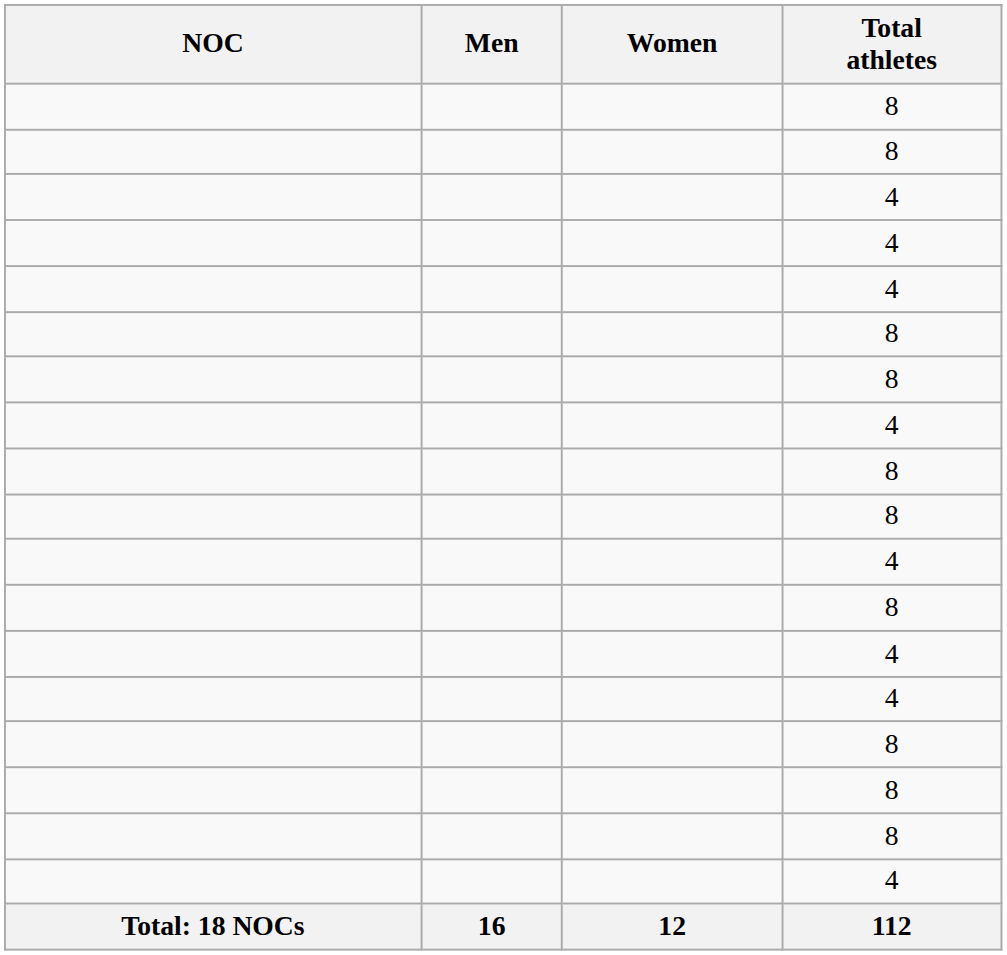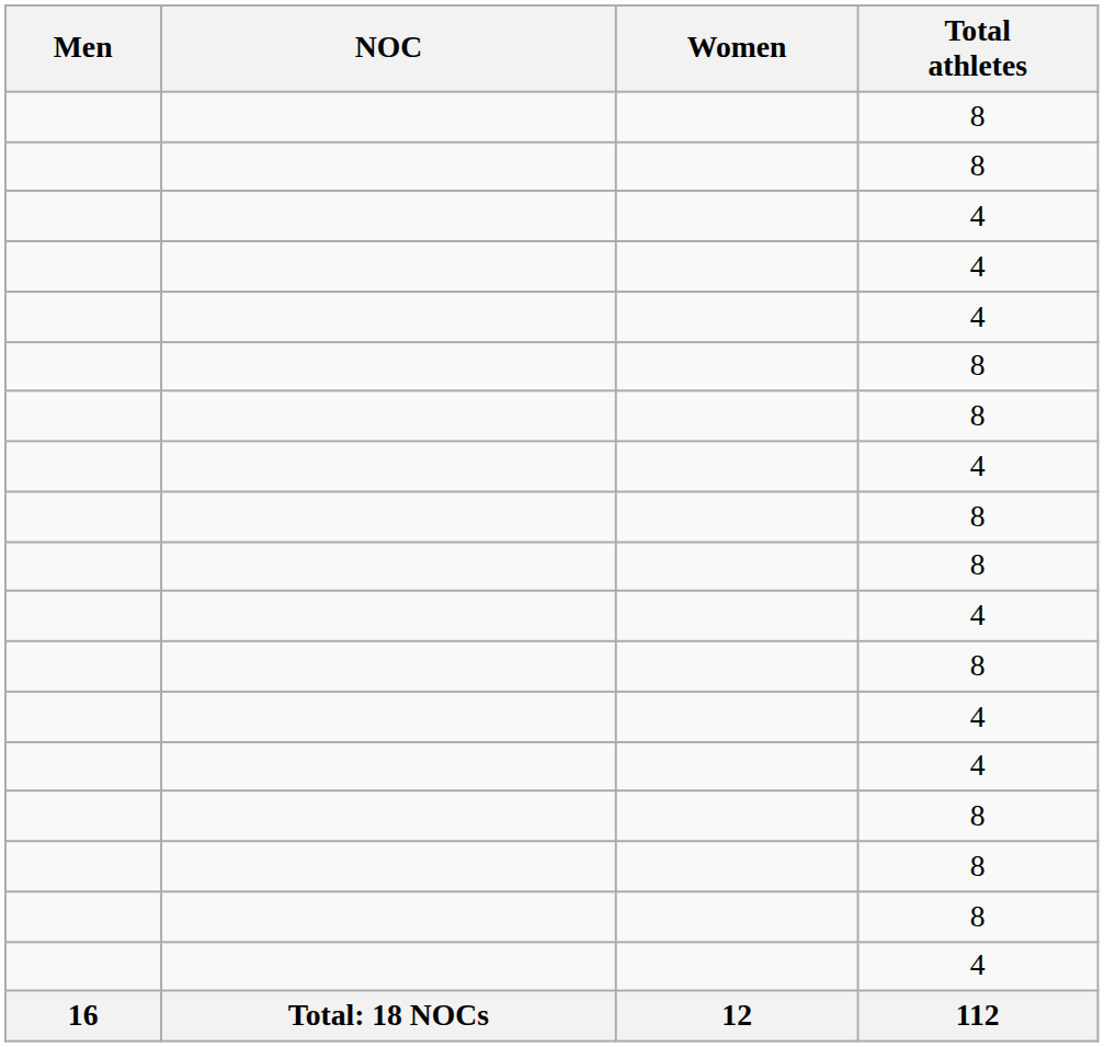 <table class="wikitable sortable" width=520 style="text-align:center; font-size:90%">
 <tr>
+<th>Men</th>
 <th style="text-align:center;">NOC</th>
-<th>Men</th>
 <th>Women</th>
 <th>Total<br>athletes</th>
 </tr>
 <tr>
+<td></td>
 <td style="text-align:left;"></td>
-<td></td>
 <td></td>
 <td>8</td>
 </tr>
 <tr>
+<td></td>
 <td style="text-align:left;"></td>
-<td></td>
 <td></td>
 <td>8</td>
 </tr>
 <tr>
+<td></td>
 <td style="text-align:left;"></td>
-<td></td>
 <td></td>
 <td>4</td>
 </tr>
 <tr>
+<td></td>
 <td style="text-align:left;"></td>
-<td></td>
 <td></td>
 <td>4</td>
 </tr>
 <tr>
+<td></td>
 <td style="text-align:left;"></td>
-<td></td>
 <td></td>
 <td>4</td>
 </tr>
 <tr>
+<td></td>
 <td style="text-align:left;"></td>
-<td></td>
 <td></td>
 <td>8</td>
 </tr>
 <tr>
+<td></td>
 <td style="text-align:left;"></td>
-<td></td>
 <td></td>
 <td>8</td>
 </tr>
 <tr>
+<td></td>
 <td style="text-align:left;"></td>
-<td></td>
 <td></td>
 <td>4</td>
 </tr>
 <tr>
+<td></td>
 <td style="text-align:left;"></td>
-<td></td>
 <td></td>
 <td>8</td>
 </tr>
 <tr>
+<td></td>
 <td style="text-align:left;"></td>
-<td></td>
 <td></td>
 <td>8</td>
 </tr>
 <tr>
+<td></td>
 <td style="text-align:left;"></td>
-<td></td>
 <td></td>
 <td>4</td>
 </tr>
 <tr>
+<td></td>
 <td style="text-align:left;"></td>
-<td></td>
 <td></td>
 <td>8</td>
 </tr>
 <tr>
+<td></td>
 <td style="text-align:left;"></td>
-<td></td>
 <td></td>
 <td>4</td>
 </tr>
 <tr>
+<td></td>
 <td style="text-align:left;"></td>
-<td></td>
 <td></td>
 <td>4</td>
 </tr>
 <tr>
+<td></td>
 <td style="text-align:left;"></td>
-<td></td>
 <td></td>
 <td>8</td>
 </tr>
 <tr>
+<td></td>
 <td style="text-align:left;"></td>
-<td></td>
 <td></td>
 <td>8</td>
 </tr>
 <tr>
+<td></td>
 <td style="text-align:left;"></td>
-<td></td>
 <td></td>
 <td>8</td>
 </tr>
 <tr>
+<td></td>
 <td style="text-align:left;"></td>
-<td></td>
 <td></td>
 <td>4</td>
 </tr>
 <tr>
+<th>16</th>
 <th>Total: 18 NOCs</th>
-<th>16</th>
 <th>12</th>
 <th>112</th>
 </tr>
 </table>
